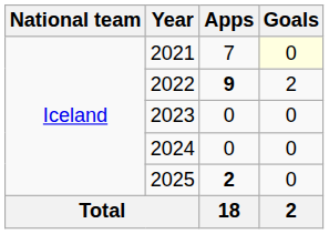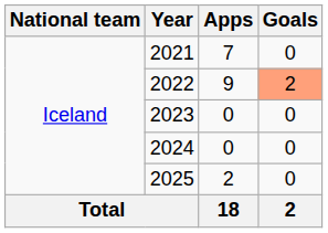 <table class="wikitable" style="text-align:center">
 <tr>
 <th>National team</th>
 <th>Year</th>
 <th>Apps</th>
 <th>Goals</th>
 </tr>
 <tr>
 <td rowspan="5"><a href='#'>Iceland</a></td>
 <td>2021</td>
 <td>7</td>
-<td style="background: lightyellow;">0</td>
+<td>0</td>
 </tr>
 <tr>
 <td>2022</td>
-<td><strong>9</strong></td>
-<td>2</td>
+<td>9</td>
+<td style="background: lightsalmon;">2</td>
 </tr>
 <tr>
 <td>2023</td>
 <td>0</td>
 <td>0</td>
 </tr>
 <tr>
 <td>2024</td>
 <td>0</td>
 <td>0</td>
 </tr>
 <tr>
 <td>2025</td>
-<td><strong>2</strong></td>
+<td>2</td>
 <td>0</td>
 </tr>
 <tr>
 <th colspan="2">Total</th>
 <th>18</th>
 <th>2</th>
 </tr>
 </table>
